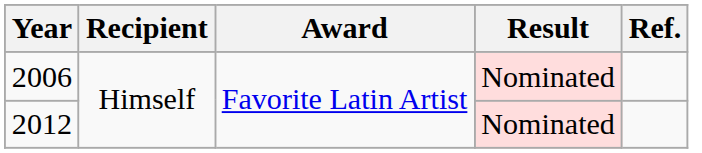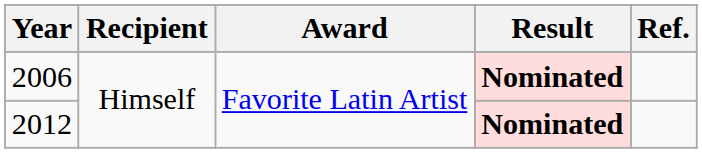 <table class="wikitable">
 <tr>
 <th align="center">Year</th>
 <th align="center">Recipient</th>
 <th align="center">Award</th>
 <th align="center">Result</th>
 <th align="center">Ref.</th>
 </tr>
 <tr>
 <td align="center">2006</td>
 <td rowspan="2" align="center">Himself</td>
 <td align="center" rowspan="2"><a href='#'>Favorite Latin Artist</a></td>
-<td align="center" style="background-color: #FDD">Nominated</td>
+<td align="center" style="background-color: #FDD"><strong>Nominated</strong></td>
 <td align="center"></td>
 </tr>
 <tr>
 <td align="center">2012</td>
-<td align="center" style="background-color: #FDD">Nominated</td>
+<td align="center" style="background-color: #FDD"><strong>Nominated</strong></td>
 <td align="center"></td>
 </tr>
 </table>
